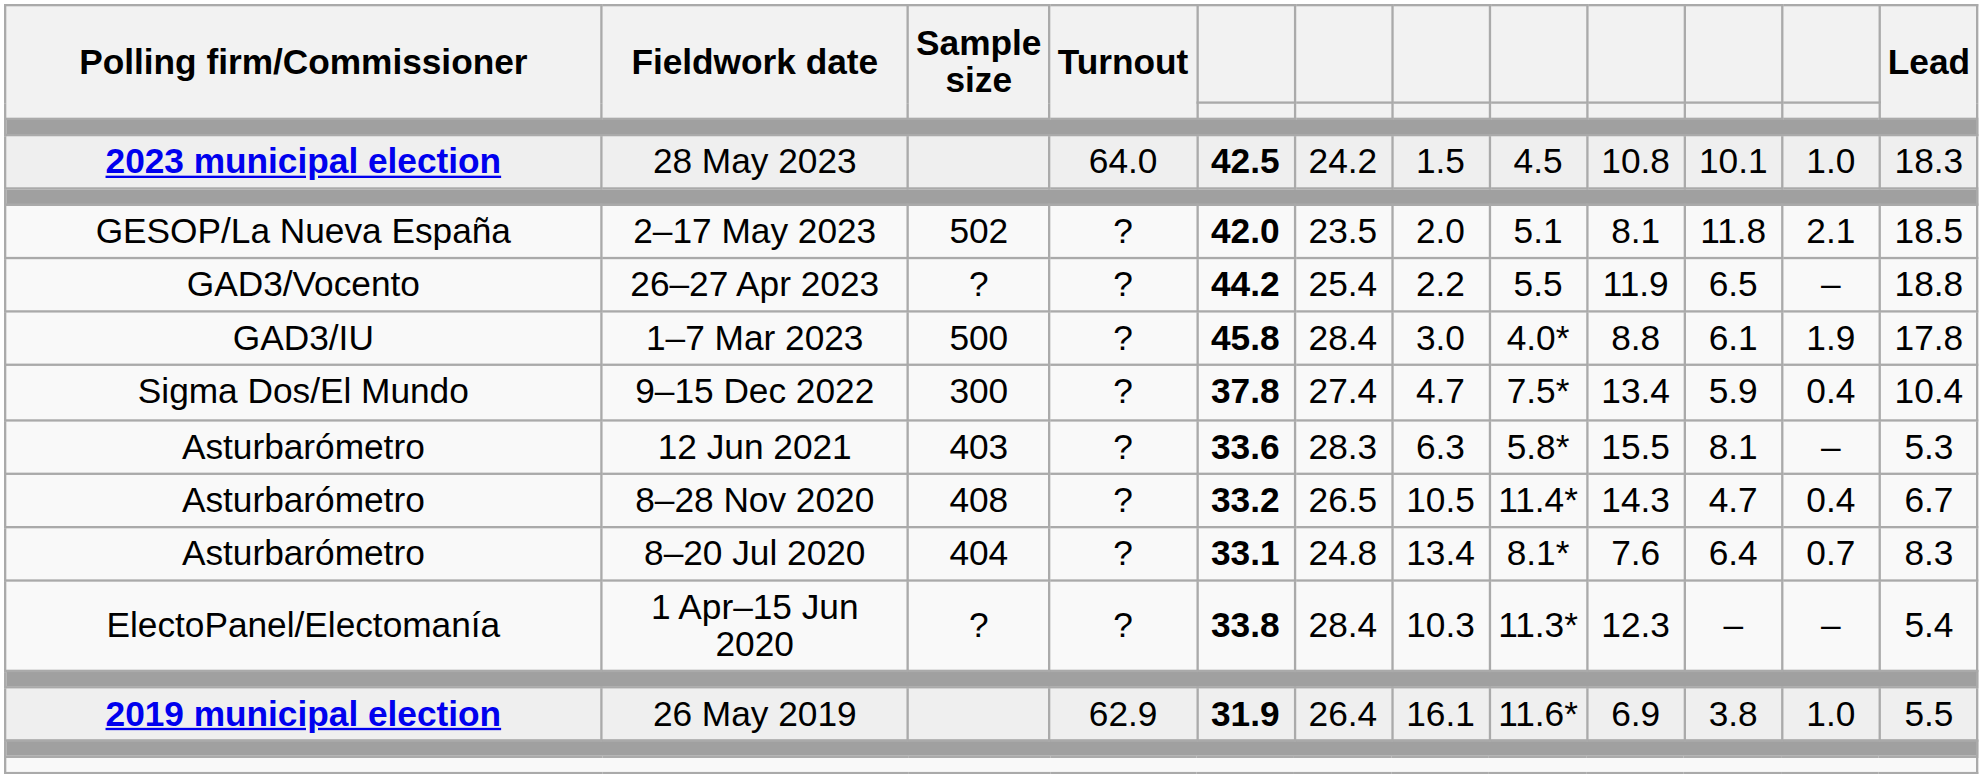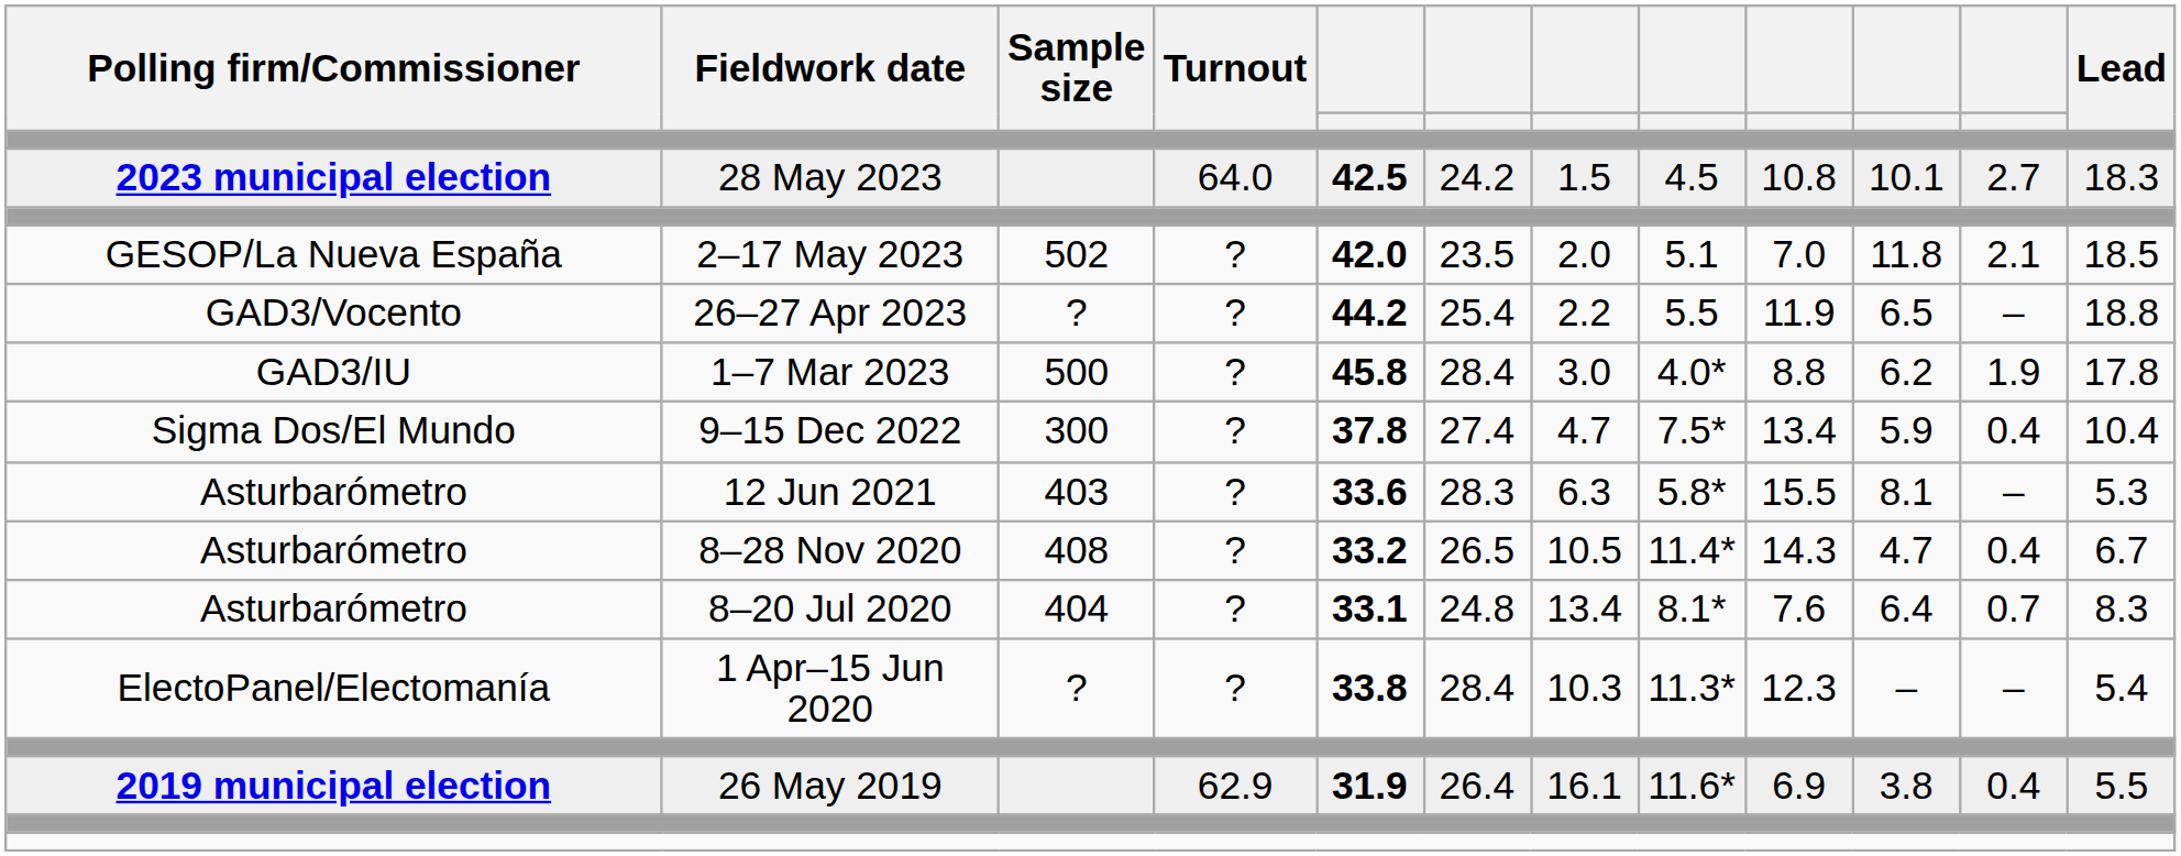 <table class="wikitable collapsible collapsed" style="text-align:center; font-size:95%; line-height:16px;">
 <tr style="height:42px;">
 <th style="width:250px;" rowspan="2">Polling firm/Commissioner</th>
 <th style="width:125px;" rowspan="2">Fieldwork date</th>
 <th style="width:50px;" rowspan="2">Sample size</th>
 <th style="width:45px;" rowspan="2">Turnout</th>
 <th style="width:35px;"></th>
 <th style="width:35px;"></th>
 <th style="width:35px;"></th>
 <th style="width:35px;"></th>
 <th style="width:35px;"></th>
 <th style="width:35px;"></th>
 <th style="width:35px;"></th>
 <th style="width:30px;" rowspan="2">Lead</th>
 </tr>
 <tr>
 <th style="color:inherit;background:"></th>
 <th style="color:inherit;background:"></th>
 <th style="color:inherit;background:"></th>
 <th style="color:inherit;background:"></th>
 <th style="color:inherit;background:"></th>
 <th style="color:inherit;background:"></th>
 <th style="color:inherit;background:"></th>
 </tr>
 <tr>
 <td colspan="12" style="background:#A0A0A0"></td>
 </tr>
 <tr style="background:#EFEFEF;">
 <td><strong><a href='#'>2023 municipal election</a></strong></td>
 <td>28 May 2023</td>
 <td></td>
 <td>64.0</td>
 <td><strong>42.5</strong><br></td>
 <td>24.2<br></td>
 <td>1.5<br></td>
 <td>4.5<br></td>
 <td>10.8<br></td>
 <td>10.1<br></td>
-<td>1.0<br></td>
+<td>2.7<br></td>
 <td style="background:">18.3</td>
 </tr>
 <tr>
 <td colspan="12" style="background:#A0A0A0"></td>
 </tr>
 <tr>
 <td>GESOP/La Nueva España</td>
 <td>2–17 May 2023</td>
 <td>502</td>
 <td>?</td>
 <td><strong>42.0</strong><br></td>
 <td>23.5<br></td>
 <td>2.0<br></td>
 <td>5.1<br></td>
-<td>8.1<br></td>
+<td>7.0<br></td>
 <td>11.8<br></td>
 <td>2.1<br></td>
 <td style="background:">18.5</td>
 </tr>
 <tr>
 <td>GAD3/Vocento</td>
 <td>26–27 Apr 2023</td>
 <td>?</td>
 <td>?</td>
 <td><strong>44.2</strong><br></td>
 <td>25.4<br></td>
 <td>2.2<br></td>
 <td>5.5<br></td>
 <td>11.9<br></td>
 <td>6.5<br></td>
 <td>–</td>
 <td style="background:">18.8</td>
 </tr>
 <tr>
 <td>GAD3/IU</td>
 <td>1–7 Mar 2023</td>
 <td>500</td>
 <td>?</td>
 <td><strong>45.8</strong><br></td>
 <td>28.4<br></td>
 <td>3.0<br></td>
 <td>4.0*<br></td>
 <td>8.8<br></td>
-<td>6.1<br></td>
+<td>6.2<br></td>
 <td>1.9<br></td>
 <td style="background:">17.8</td>
 </tr>
 <tr>
 <td>Sigma Dos/El Mundo</td>
 <td>9–15 Dec 2022</td>
 <td>300</td>
 <td>?</td>
 <td><strong>37.8</strong><br></td>
 <td>27.4<br></td>
 <td>4.7<br></td>
 <td>7.5*<br></td>
 <td>13.4<br></td>
 <td>5.9<br></td>
 <td>0.4<br></td>
 <td style="background:">10.4</td>
 </tr>
 <tr>
 <td>Asturbarómetro</td>
 <td>12 Jun 2021</td>
 <td>403</td>
 <td>?</td>
 <td><strong>33.6</strong><br></td>
 <td>28.3<br></td>
 <td>6.3<br></td>
 <td>5.8*<br></td>
 <td>15.5<br></td>
 <td>8.1<br></td>
 <td>–</td>
 <td style="background:">5.3</td>
 </tr>
 <tr>
 <td>Asturbarómetro</td>
 <td>8–28 Nov 2020</td>
 <td>408</td>
 <td>?</td>
 <td><strong>33.2</strong><br></td>
 <td>26.5<br></td>
 <td>10.5<br></td>
 <td>11.4*<br></td>
 <td>14.3<br></td>
 <td>4.7<br></td>
 <td>0.4<br></td>
 <td style="background:">6.7</td>
 </tr>
 <tr>
 <td>Asturbarómetro</td>
 <td>8–20 Jul 2020</td>
 <td>404</td>
 <td>?</td>
 <td><strong>33.1</strong><br></td>
 <td>24.8<br></td>
 <td>13.4<br></td>
 <td>8.1*<br></td>
 <td>7.6<br></td>
 <td>6.4<br></td>
 <td>0.7<br></td>
 <td style="background:">8.3</td>
 </tr>
 <tr>
 <td>ElectoPanel/Electomanía</td>
 <td>1 Apr–15 Jun 2020</td>
 <td>?</td>
 <td>?</td>
 <td><strong>33.8</strong><br></td>
 <td>28.4<br></td>
 <td>10.3<br></td>
 <td>11.3*<br></td>
 <td>12.3<br></td>
 <td>–</td>
 <td>–</td>
 <td style="background:">5.4</td>
 </tr>
 <tr>
 <td colspan="12" style="background:#A0A0A0"></td>
 </tr>
 <tr style="background:#EFEFEF;">
 <td><strong><a href='#'>2019 municipal election</a></strong></td>
 <td>26 May 2019</td>
 <td></td>
 <td>62.9</td>
 <td><strong>31.9</strong><br></td>
 <td>26.4<br></td>
 <td>16.1<br></td>
 <td>11.6*<br></td>
 <td>6.9<br></td>
 <td>3.8<br></td>
-<td>1.0<br></td>
+<td>0.4<br></td>
 <td style="background:">5.5</td>
 </tr>
 <tr>
 <td colspan="12" style="background:#A0A0A0"></td>
 </tr>
 <tr>
 <td align="left" colspan="13"></td>
 </tr>
 </table>
